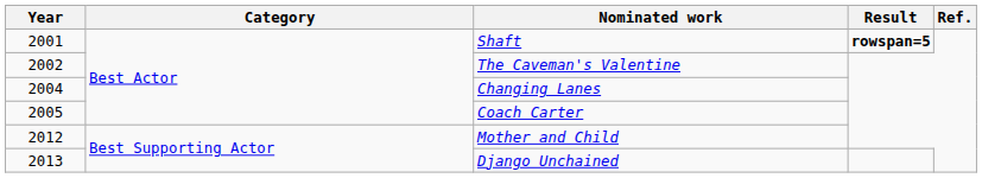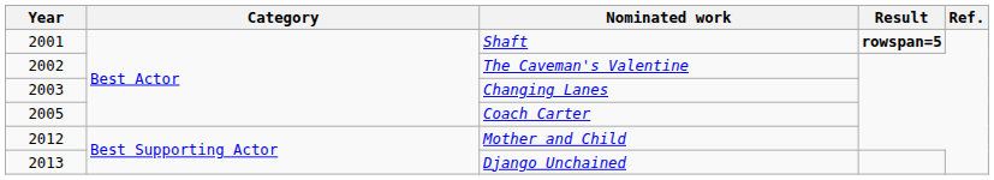 <table class=wikitable>
 <tr>
 <th scope="col" style="width:5em;">Year</th>
 <th scope="col" style="width:26em;">Category</th>
 <th scope="col" style="width:25em;">Nominated work</th>
 <th scope="col" style="width:5em;">Result</th>
 <th>Ref.</th>
 </tr>
 <tr>
 <td style="text-align:center;">2001</td>
 <td rowspan=4><a href='#'>Best Actor</a></td>
 <td><em><a href='#'>Shaft</a></em></td>
 <td><strong>rowspan=5 </strong></td>
 </tr>
 <tr>
 <td style="text-align:center;">2002</td>
 <td><em><a href='#'>The Caveman's Valentine</a></em></td>
 </tr>
 <tr>
-<td style="text-align:center;">2004</td>
+<td style="text-align:center;">2003</td>
 <td><em><a href='#'>Changing Lanes</a></em></td>
 </tr>
 <tr>
 <td style="text-align:center;">2005</td>
 <td><em><a href='#'>Coach Carter</a></em></td>
 </tr>
 <tr>
 <td style="text-align:center;">2012</td>
 <td rowspan=2><a href='#'>Best Supporting Actor</a></td>
 <td><em><a href='#'>Mother and Child</a></em></td>
 </tr>
 <tr>
 <td style="text-align:center;">2013</td>
 <td><em><a href='#'>Django Unchained</a></em></td>
 <td></td>
 </tr>
 </table>
